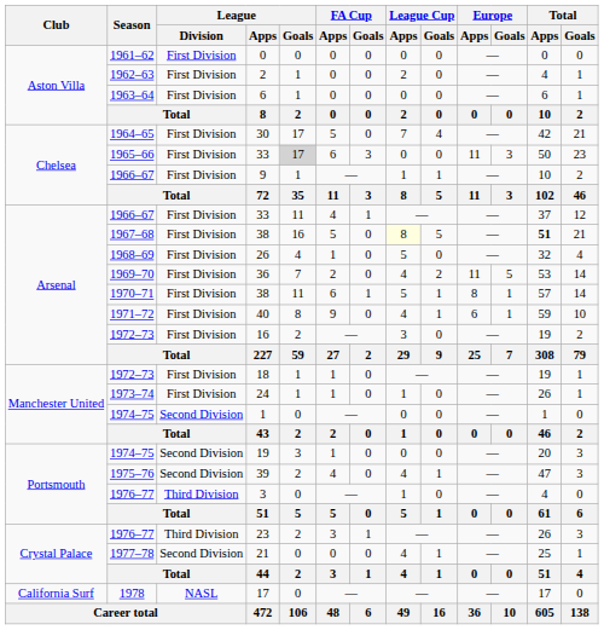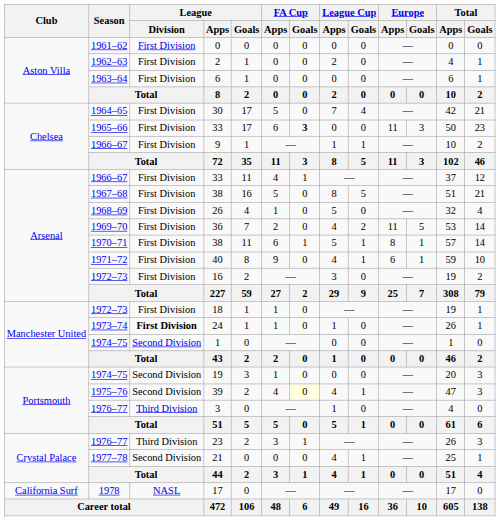 <table class="wikitable" style="text-align:center">
 <tr>
 <th rowspan="2">Club</th>
 <th rowspan="2">Season</th>
 <th colspan="3">League</th>
 <th colspan="2"><a href='#'>FA Cup</a></th>
 <th colspan="2"><a href='#'>League Cup</a></th>
 <th colspan="2"><a href='#'>Europe</a></th>
 <th colspan="2">Total</th>
 </tr>
 <tr>
 <th>Division</th>
 <th>Apps</th>
 <th>Goals</th>
 <th>Apps</th>
 <th>Goals</th>
 <th>Apps</th>
 <th>Goals</th>
 <th>Apps</th>
 <th>Goals</th>
 <th>Apps</th>
 <th>Goals</th>
 </tr>
 <tr>
 <td rowspan="4"><a href='#'>Aston Villa</a></td>
 <td><a href='#'>1961–62</a></td>
 <td><a href='#'>First Division</a></td>
 <td>0</td>
 <td>0</td>
 <td>0</td>
 <td>0</td>
 <td>0</td>
 <td>0</td>
 <td colspan="2">—</td>
 <td>0</td>
 <td>0</td>
 </tr>
 <tr>
 <td><a href='#'>1962–63</a></td>
 <td>First Division</td>
 <td>2</td>
 <td>1</td>
 <td>0</td>
 <td>0</td>
 <td>2</td>
 <td>0</td>
 <td colspan="2">—</td>
 <td>4</td>
 <td>1</td>
 </tr>
 <tr>
 <td><a href='#'>1963–64</a></td>
 <td>First Division</td>
 <td>6</td>
 <td>1</td>
 <td>0</td>
 <td>0</td>
 <td>0</td>
 <td>0</td>
 <td colspan="2">—</td>
 <td>6</td>
 <td>1</td>
 </tr>
 <tr>
 <th colspan="2">Total</th>
 <th>8</th>
 <th>2</th>
 <th>0</th>
 <th>0</th>
 <th>2</th>
 <th>0</th>
 <th>0</th>
 <th>0</th>
 <th>10</th>
 <th>2</th>
 </tr>
 <tr>
 <td rowspan="4"><a href='#'>Chelsea</a></td>
 <td><a href='#'>1964–65</a></td>
 <td>First Division</td>
 <td>30</td>
 <td>17</td>
 <td>5</td>
 <td>0</td>
 <td>7</td>
 <td>4</td>
 <td colspan="2">—</td>
 <td>42</td>
 <td>21</td>
 </tr>
 <tr>
 <td><a href='#'>1965–66</a></td>
 <td>First Division</td>
 <td>33</td>
-<td style="background: lightgrey;">17</td>
+<td>17</td>
 <td>6</td>
-<td>3</td>
+<td><strong>3</strong></td>
 <td>0</td>
 <td>0</td>
 <td>11</td>
 <td>3</td>
 <td>50</td>
 <td>23</td>
 </tr>
 <tr>
 <td><a href='#'>1966–67</a></td>
 <td>First Division</td>
 <td>9</td>
 <td>1</td>
 <td colspan="2">—</td>
 <td>1</td>
 <td>1</td>
 <td colspan="2">—</td>
 <td>10</td>
 <td>2</td>
 </tr>
 <tr>
 <th colspan="2">Total</th>
 <th>72</th>
 <th>35</th>
 <th>11</th>
 <th>3</th>
 <th>8</th>
 <th>5</th>
 <th>11</th>
 <th>3</th>
 <th>102</th>
 <th>46</th>
 </tr>
 <tr>
 <td rowspan="8"><a href='#'>Arsenal</a></td>
 <td><a href='#'>1966–67</a></td>
 <td>First Division</td>
 <td>33</td>
 <td>11</td>
 <td>4</td>
 <td>1</td>
 <td colspan="2">—</td>
 <td colspan="2">—</td>
 <td>37</td>
 <td>12</td>
 </tr>
 <tr>
 <td><a href='#'>1967–68</a></td>
 <td>First Division</td>
 <td>38</td>
 <td>16</td>
 <td>5</td>
 <td>0</td>
-<td style="background: lightyellow;">8</td>
+<td>8</td>
 <td>5</td>
 <td colspan="2">—</td>
-<td><strong>51</strong></td>
+<td>51</td>
 <td>21</td>
 </tr>
 <tr>
 <td><a href='#'>1968–69</a></td>
 <td>First Division</td>
 <td>26</td>
 <td>4</td>
 <td>1</td>
 <td>0</td>
 <td>5</td>
 <td>0</td>
 <td colspan="2">—</td>
 <td>32</td>
 <td>4</td>
 </tr>
 <tr>
 <td><a href='#'>1969–70</a></td>
 <td>First Division</td>
 <td>36</td>
 <td>7</td>
 <td>2</td>
 <td>0</td>
 <td>4</td>
 <td>2</td>
 <td>11</td>
 <td>5</td>
 <td>53</td>
 <td>14</td>
 </tr>
 <tr>
 <td><a href='#'>1970–71</a></td>
 <td>First Division</td>
 <td>38</td>
 <td>11</td>
 <td>6</td>
 <td>1</td>
 <td>5</td>
 <td>1</td>
 <td>8</td>
 <td>1</td>
 <td>57</td>
 <td>14</td>
 </tr>
 <tr>
 <td><a href='#'>1971–72</a></td>
 <td>First Division</td>
 <td>40</td>
 <td>8</td>
 <td>9</td>
 <td>0</td>
 <td>4</td>
 <td>1</td>
 <td>6</td>
 <td>1</td>
 <td>59</td>
 <td>10</td>
 </tr>
 <tr>
 <td><a href='#'>1972–73</a></td>
 <td>First Division</td>
 <td>16</td>
 <td>2</td>
 <td colspan="2">—</td>
 <td>3</td>
 <td>0</td>
 <td colspan="2">—</td>
 <td>19</td>
 <td>2</td>
 </tr>
 <tr>
 <th colspan="2">Total</th>
 <th>227</th>
 <th>59</th>
 <th>27</th>
 <th>2</th>
 <th>29</th>
 <th>9</th>
 <th>25</th>
 <th>7</th>
 <th>308</th>
 <th>79</th>
 </tr>
 <tr>
 <td rowspan="4"><a href='#'>Manchester United</a></td>
 <td><a href='#'>1972–73</a></td>
 <td>First Division</td>
 <td>18</td>
 <td>1</td>
 <td>1</td>
 <td>0</td>
 <td colspan="2">—</td>
 <td colspan="2">—</td>
 <td>19</td>
 <td>1</td>
 </tr>
 <tr>
 <td><a href='#'>1973–74</a></td>
-<td>First Division</td>
+<td><strong>First Division</strong></td>
 <td>24</td>
 <td>1</td>
 <td>1</td>
 <td>0</td>
 <td>1</td>
 <td>0</td>
 <td colspan="2">—</td>
 <td>26</td>
 <td>1</td>
 </tr>
 <tr>
 <td><a href='#'>1974–75</a></td>
 <td><a href='#'>Second Division</a></td>
 <td>1</td>
 <td>0</td>
 <td colspan="2">—</td>
 <td>0</td>
 <td>0</td>
 <td colspan="2">—</td>
 <td>1</td>
 <td>0</td>
 </tr>
 <tr>
 <th colspan="2">Total</th>
 <th>43</th>
 <th>2</th>
 <th>2</th>
 <th>0</th>
 <th>1</th>
 <th>0</th>
 <th>0</th>
 <th>0</th>
 <th>46</th>
 <th>2</th>
 </tr>
 <tr>
 <td rowspan="4"><a href='#'>Portsmouth</a></td>
 <td><a href='#'>1974–75</a></td>
 <td>Second Division</td>
 <td>19</td>
 <td>3</td>
 <td>1</td>
 <td>0</td>
 <td>0</td>
 <td>0</td>
 <td colspan="2">—</td>
 <td>20</td>
 <td>3</td>
 </tr>
 <tr>
 <td><a href='#'>1975–76</a></td>
 <td>Second Division</td>
 <td>39</td>
 <td>2</td>
 <td>4</td>
-<td>0</td>
+<td style="background: lightyellow;">0</td>
 <td>4</td>
 <td>1</td>
 <td colspan="2">—</td>
 <td>47</td>
 <td>3</td>
 </tr>
 <tr>
 <td><a href='#'>1976–77</a></td>
 <td><a href='#'>Third Division</a></td>
 <td>3</td>
 <td>0</td>
 <td colspan="2">—</td>
 <td>1</td>
 <td>0</td>
 <td colspan="2">—</td>
 <td>4</td>
 <td>0</td>
 </tr>
 <tr>
 <th colspan="2">Total</th>
 <th>51</th>
 <th>5</th>
 <th>5</th>
 <th>0</th>
 <th>5</th>
 <th>1</th>
 <th>0</th>
 <th>0</th>
 <th>61</th>
 <th>6</th>
 </tr>
 <tr>
 <td rowspan="3"><a href='#'>Crystal Palace</a></td>
 <td><a href='#'>1976–77</a></td>
 <td>Third Division</td>
 <td>23</td>
 <td>2</td>
 <td>3</td>
 <td>1</td>
 <td colspan="2">—</td>
 <td colspan="2">—</td>
 <td>26</td>
 <td>3</td>
 </tr>
 <tr>
 <td><a href='#'>1977–78</a></td>
 <td>Second Division</td>
 <td>21</td>
 <td>0</td>
 <td>0</td>
 <td>0</td>
 <td>4</td>
 <td>1</td>
 <td colspan="2">—</td>
 <td>25</td>
 <td>1</td>
 </tr>
 <tr>
 <th colspan="2">Total</th>
 <th>44</th>
 <th>2</th>
 <th>3</th>
 <th>1</th>
 <th>4</th>
 <th>1</th>
 <th>0</th>
 <th>0</th>
 <th>51</th>
 <th>4</th>
 </tr>
 <tr>
 <td><a href='#'>California Surf</a></td>
 <td><a href='#'>1978</a></td>
 <td><a href='#'>NASL</a></td>
 <td>17</td>
 <td>0</td>
 <td colspan="2">—</td>
 <td colspan="2">—</td>
 <td colspan="2">—</td>
 <td>17</td>
 <td>0</td>
 </tr>
 <tr>
 <th colspan="3">Career total</th>
 <th>472</th>
 <th>106</th>
 <th>48</th>
 <th>6</th>
 <th>49</th>
 <th>16</th>
 <th>36</th>
 <th>10</th>
 <th>605</th>
 <th>138</th>
 </tr>
 </table>
